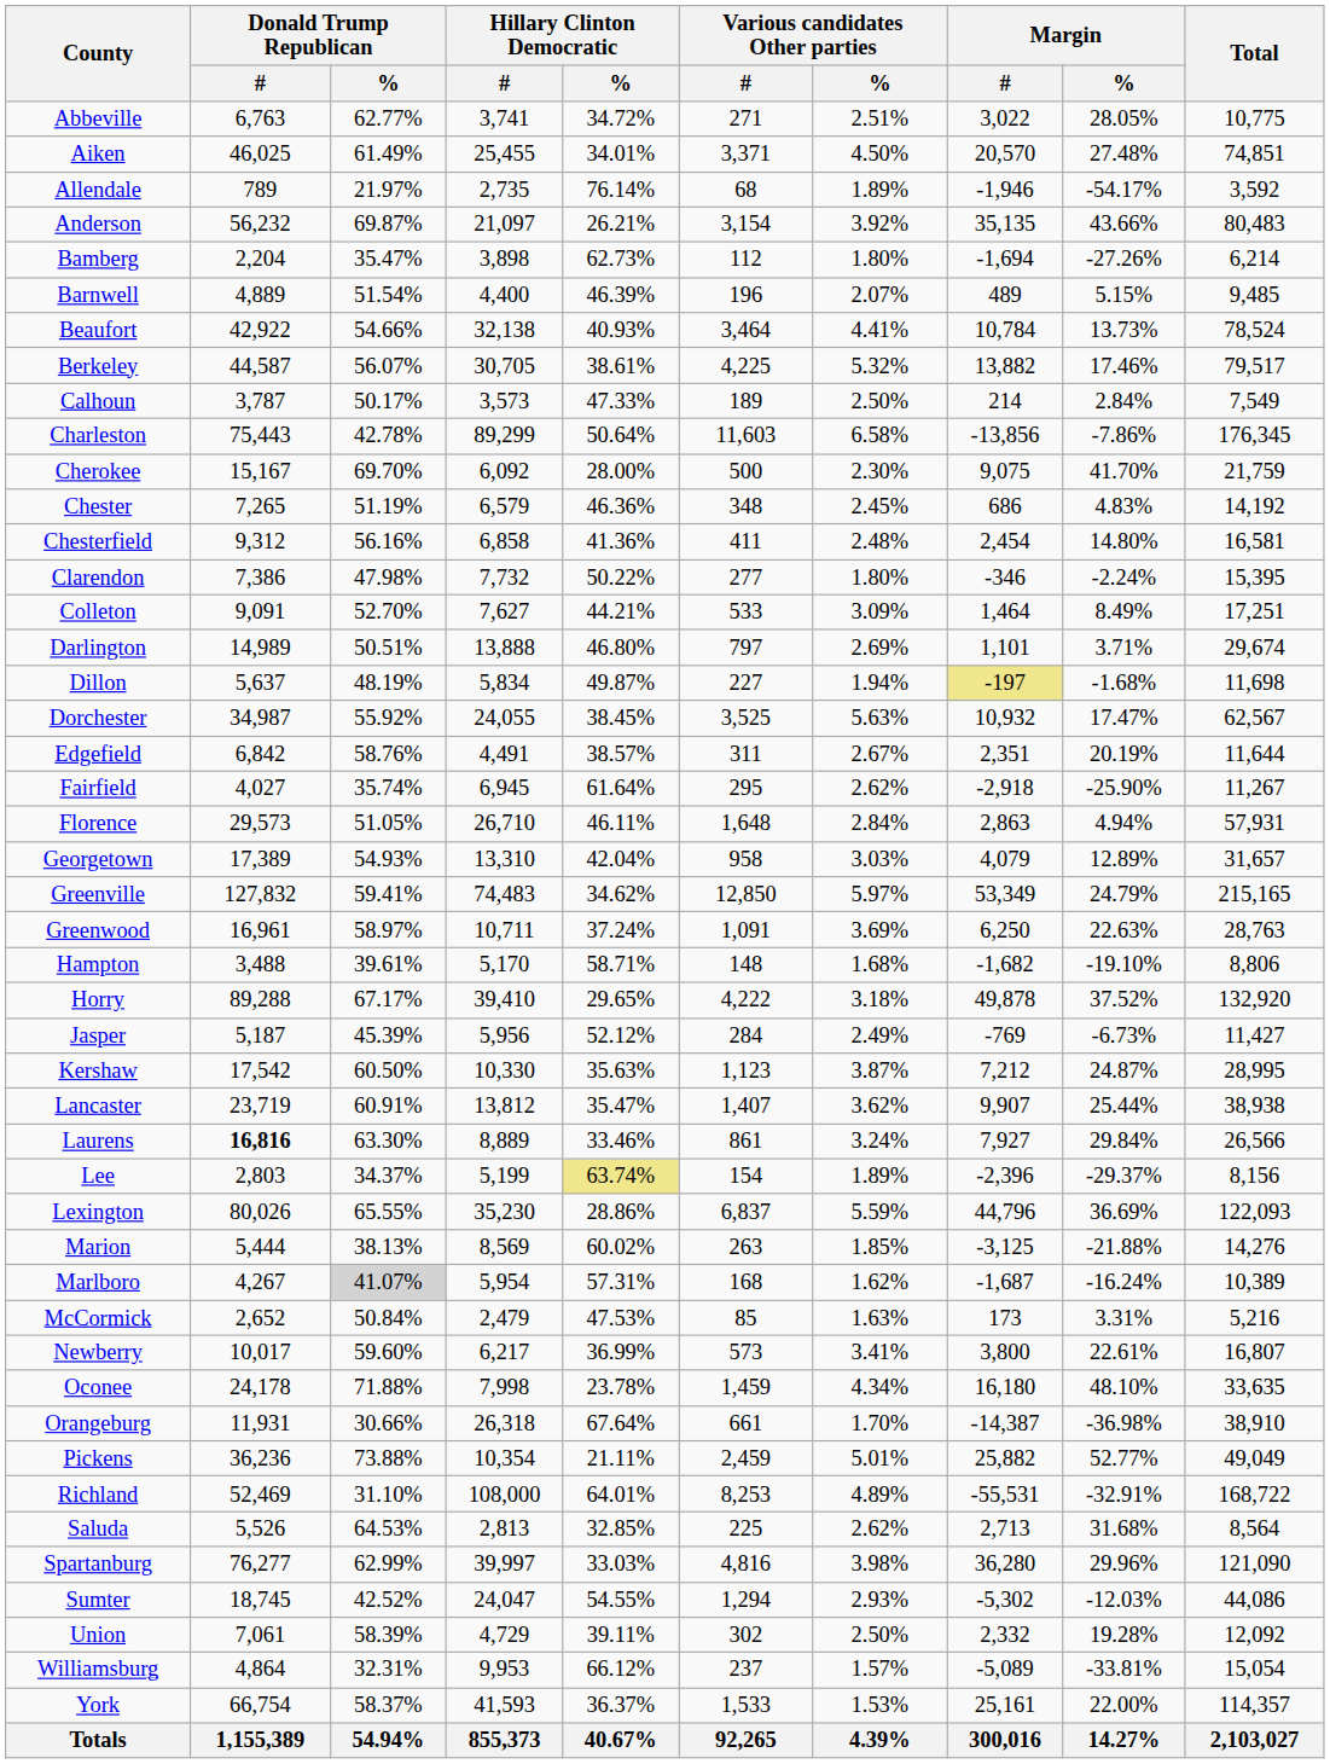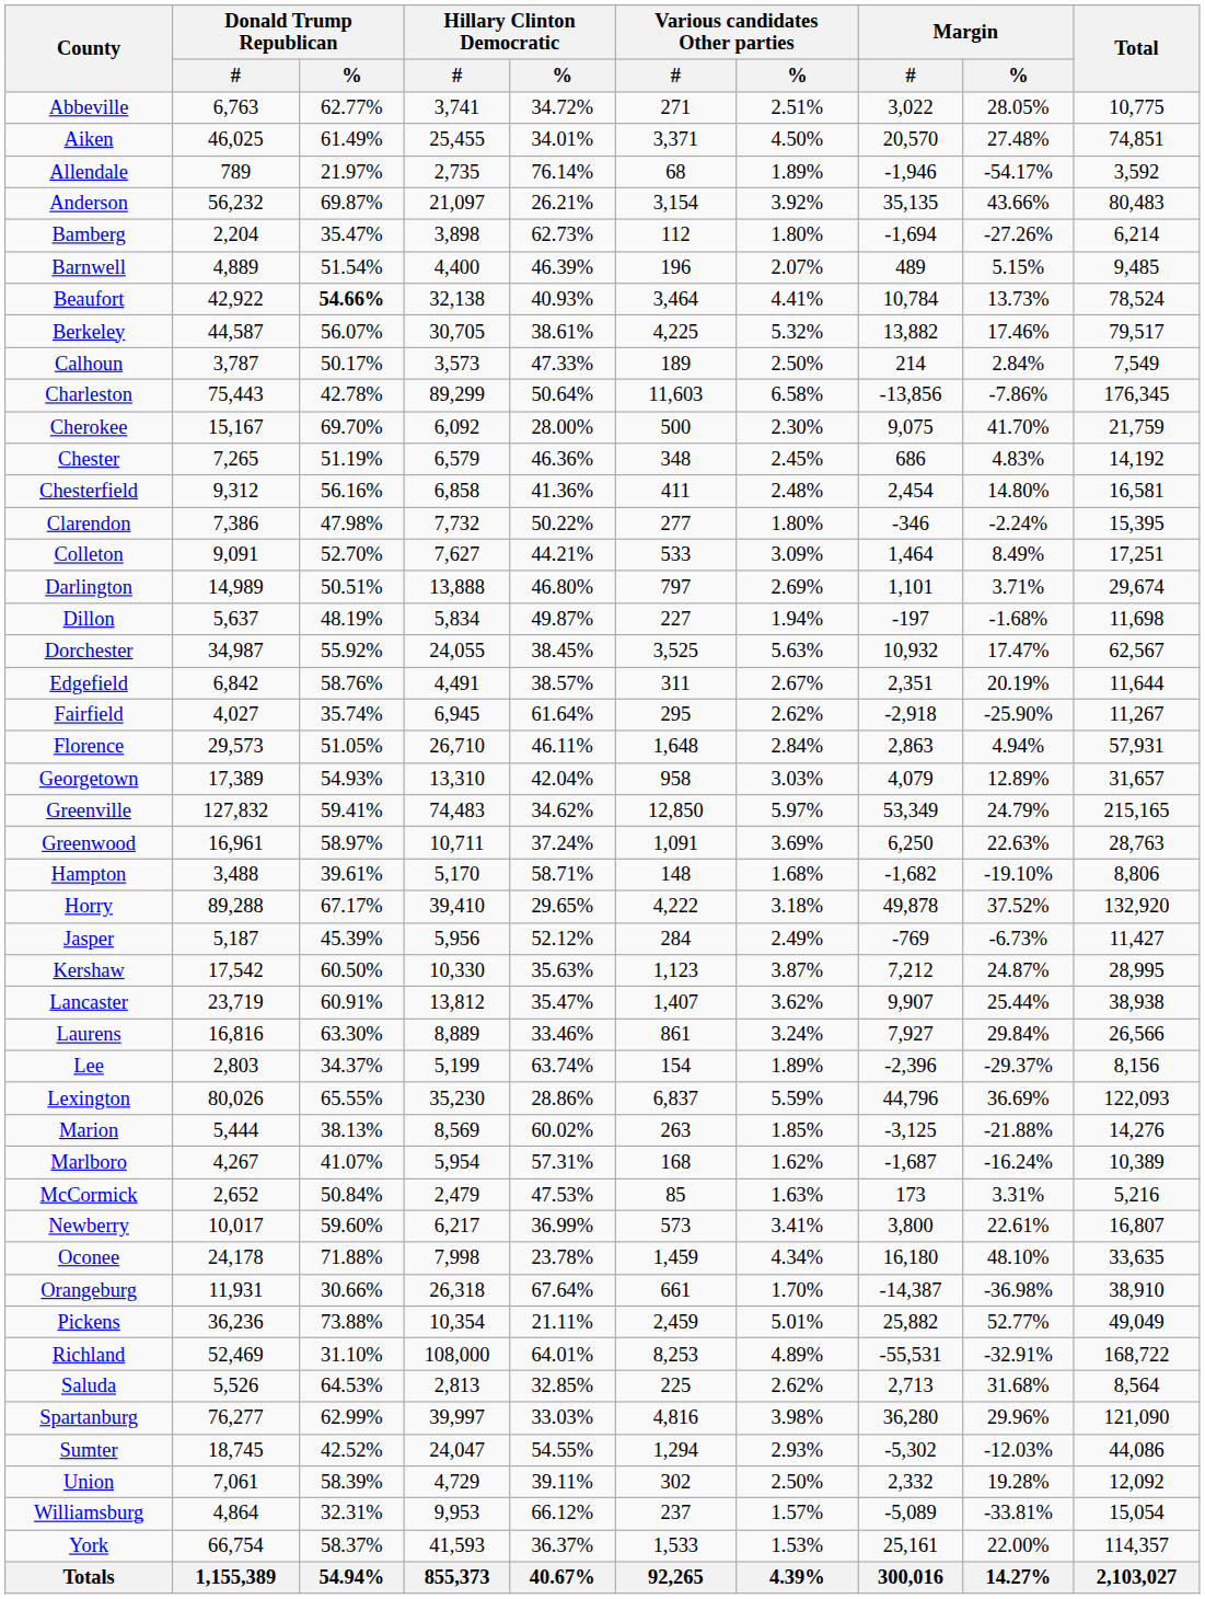 <table width="60%" class="wikitable sortable">
 <tr>
 <th rowspan="2">County</th>
 <th colspan="2">Donald Trump<br>Republican</th>
 <th colspan="2">Hillary Clinton<br>Democratic</th>
 <th colspan="2">Various candidates<br>Other parties</th>
 <th colspan="2">Margin</th>
 <th rowspan="2">Total</th>
 </tr>
 <tr>
 <th style="text-align:center;" data-sort-type="number">#</th>
 <th style="text-align:center;" data-sort-type="number">%</th>
 <th style="text-align:center;" data-sort-type="number">#</th>
 <th style="text-align:center;" data-sort-type="number">%</th>
 <th style="text-align:center;" data-sort-type="number">#</th>
 <th style="text-align:center;" data-sort-type="number">%</th>
 <th style="text-align:center;" data-sort-type="number">#</th>
 <th style="text-align:center;" data-sort-type="number">%</th>
 </tr>
 <tr style="text-align:center;">
 <td><a href='#'>Abbeville</a></td>
 <td>6,763</td>
 <td>62.77%</td>
 <td>3,741</td>
 <td>34.72%</td>
 <td>271</td>
 <td>2.51%</td>
 <td>3,022</td>
 <td>28.05%</td>
 <td>10,775</td>
 </tr>
 <tr style="text-align:center;">
 <td><a href='#'>Aiken</a></td>
 <td>46,025</td>
 <td>61.49%</td>
 <td>25,455</td>
 <td>34.01%</td>
 <td>3,371</td>
 <td>4.50%</td>
 <td>20,570</td>
 <td>27.48%</td>
 <td>74,851</td>
 </tr>
 <tr style="text-align:center;">
 <td><a href='#'>Allendale</a></td>
 <td>789</td>
 <td>21.97%</td>
 <td>2,735</td>
 <td>76.14%</td>
 <td>68</td>
 <td>1.89%</td>
 <td>-1,946</td>
 <td>-54.17%</td>
 <td>3,592</td>
 </tr>
 <tr style="text-align:center;">
 <td><a href='#'>Anderson</a></td>
 <td>56,232</td>
 <td>69.87%</td>
 <td>21,097</td>
 <td>26.21%</td>
 <td>3,154</td>
 <td>3.92%</td>
 <td>35,135</td>
 <td>43.66%</td>
 <td>80,483</td>
 </tr>
 <tr style="text-align:center;">
 <td><a href='#'>Bamberg</a></td>
 <td>2,204</td>
 <td>35.47%</td>
 <td>3,898</td>
 <td>62.73%</td>
 <td>112</td>
 <td>1.80%</td>
 <td>-1,694</td>
 <td>-27.26%</td>
 <td>6,214</td>
 </tr>
 <tr style="text-align:center;">
 <td><a href='#'>Barnwell</a></td>
 <td>4,889</td>
 <td>51.54%</td>
 <td>4,400</td>
 <td>46.39%</td>
 <td>196</td>
 <td>2.07%</td>
 <td>489</td>
 <td>5.15%</td>
 <td>9,485</td>
 </tr>
 <tr style="text-align:center;">
 <td><a href='#'>Beaufort</a></td>
 <td>42,922</td>
-<td>54.66%</td>
+<td><strong>54.66%</strong></td>
 <td>32,138</td>
 <td>40.93%</td>
 <td>3,464</td>
 <td>4.41%</td>
 <td>10,784</td>
 <td>13.73%</td>
 <td>78,524</td>
 </tr>
 <tr style="text-align:center;">
 <td><a href='#'>Berkeley</a></td>
 <td>44,587</td>
 <td>56.07%</td>
 <td>30,705</td>
 <td>38.61%</td>
 <td>4,225</td>
 <td>5.32%</td>
 <td>13,882</td>
 <td>17.46%</td>
 <td>79,517</td>
 </tr>
 <tr style="text-align:center;">
 <td><a href='#'>Calhoun</a></td>
 <td>3,787</td>
 <td>50.17%</td>
 <td>3,573</td>
 <td>47.33%</td>
 <td>189</td>
 <td>2.50%</td>
 <td>214</td>
 <td>2.84%</td>
 <td>7,549</td>
 </tr>
 <tr style="text-align:center;">
 <td><a href='#'>Charleston</a></td>
 <td>75,443</td>
 <td>42.78%</td>
 <td>89,299</td>
 <td>50.64%</td>
 <td>11,603</td>
 <td>6.58%</td>
 <td>-13,856</td>
 <td>-7.86%</td>
 <td>176,345</td>
 </tr>
 <tr style="text-align:center;">
 <td><a href='#'>Cherokee</a></td>
 <td>15,167</td>
 <td>69.70%</td>
 <td>6,092</td>
 <td>28.00%</td>
 <td>500</td>
 <td>2.30%</td>
 <td>9,075</td>
 <td>41.70%</td>
 <td>21,759</td>
 </tr>
 <tr style="text-align:center;">
 <td><a href='#'>Chester</a></td>
 <td>7,265</td>
 <td>51.19%</td>
 <td>6,579</td>
 <td>46.36%</td>
 <td>348</td>
 <td>2.45%</td>
 <td>686</td>
 <td>4.83%</td>
 <td>14,192</td>
 </tr>
 <tr style="text-align:center;">
 <td><a href='#'>Chesterfield</a></td>
 <td>9,312</td>
 <td>56.16%</td>
 <td>6,858</td>
 <td>41.36%</td>
 <td>411</td>
 <td>2.48%</td>
 <td>2,454</td>
 <td>14.80%</td>
 <td>16,581</td>
 </tr>
 <tr style="text-align:center;">
 <td><a href='#'>Clarendon</a></td>
 <td>7,386</td>
 <td>47.98%</td>
 <td>7,732</td>
 <td>50.22%</td>
 <td>277</td>
 <td>1.80%</td>
 <td>-346</td>
 <td>-2.24%</td>
 <td>15,395</td>
 </tr>
 <tr style="text-align:center;">
 <td><a href='#'>Colleton</a></td>
 <td>9,091</td>
 <td>52.70%</td>
 <td>7,627</td>
 <td>44.21%</td>
 <td>533</td>
 <td>3.09%</td>
 <td>1,464</td>
 <td>8.49%</td>
 <td>17,251</td>
 </tr>
 <tr style="text-align:center;">
 <td><a href='#'>Darlington</a></td>
 <td>14,989</td>
 <td>50.51%</td>
 <td>13,888</td>
 <td>46.80%</td>
 <td>797</td>
 <td>2.69%</td>
 <td>1,101</td>
 <td>3.71%</td>
 <td>29,674</td>
 </tr>
 <tr style="text-align:center;">
 <td><a href='#'>Dillon</a></td>
 <td>5,637</td>
 <td>48.19%</td>
 <td>5,834</td>
 <td>49.87%</td>
 <td>227</td>
 <td>1.94%</td>
-<td style="background: khaki;">-197</td>
+<td>-197</td>
 <td>-1.68%</td>
 <td>11,698</td>
 </tr>
 <tr style="text-align:center;">
 <td><a href='#'>Dorchester</a></td>
 <td>34,987</td>
 <td>55.92%</td>
 <td>24,055</td>
 <td>38.45%</td>
 <td>3,525</td>
 <td>5.63%</td>
 <td>10,932</td>
 <td>17.47%</td>
 <td>62,567</td>
 </tr>
 <tr style="text-align:center;">
 <td><a href='#'>Edgefield</a></td>
 <td>6,842</td>
 <td>58.76%</td>
 <td>4,491</td>
 <td>38.57%</td>
 <td>311</td>
 <td>2.67%</td>
 <td>2,351</td>
 <td>20.19%</td>
 <td>11,644</td>
 </tr>
 <tr style="text-align:center;">
 <td><a href='#'>Fairfield</a></td>
 <td>4,027</td>
 <td>35.74%</td>
 <td>6,945</td>
 <td>61.64%</td>
 <td>295</td>
 <td>2.62%</td>
 <td>-2,918</td>
 <td>-25.90%</td>
 <td>11,267</td>
 </tr>
 <tr style="text-align:center;">
 <td><a href='#'>Florence</a></td>
 <td>29,573</td>
 <td>51.05%</td>
 <td>26,710</td>
 <td>46.11%</td>
 <td>1,648</td>
 <td>2.84%</td>
 <td>2,863</td>
 <td>4.94%</td>
 <td>57,931</td>
 </tr>
 <tr style="text-align:center;">
 <td><a href='#'>Georgetown</a></td>
 <td>17,389</td>
 <td>54.93%</td>
 <td>13,310</td>
 <td>42.04%</td>
 <td>958</td>
 <td>3.03%</td>
 <td>4,079</td>
 <td>12.89%</td>
 <td>31,657</td>
 </tr>
 <tr style="text-align:center;">
 <td><a href='#'>Greenville</a></td>
 <td>127,832</td>
 <td>59.41%</td>
 <td>74,483</td>
 <td>34.62%</td>
 <td>12,850</td>
 <td>5.97%</td>
 <td>53,349</td>
 <td>24.79%</td>
 <td>215,165</td>
 </tr>
 <tr style="text-align:center;">
 <td><a href='#'>Greenwood</a></td>
 <td>16,961</td>
 <td>58.97%</td>
 <td>10,711</td>
 <td>37.24%</td>
 <td>1,091</td>
 <td>3.69%</td>
 <td>6,250</td>
 <td>22.63%</td>
 <td>28,763</td>
 </tr>
 <tr style="text-align:center;">
 <td><a href='#'>Hampton</a></td>
 <td>3,488</td>
 <td>39.61%</td>
 <td>5,170</td>
 <td>58.71%</td>
 <td>148</td>
 <td>1.68%</td>
 <td>-1,682</td>
 <td>-19.10%</td>
 <td>8,806</td>
 </tr>
 <tr style="text-align:center;">
 <td><a href='#'>Horry</a></td>
 <td>89,288</td>
 <td>67.17%</td>
 <td>39,410</td>
 <td>29.65%</td>
 <td>4,222</td>
 <td>3.18%</td>
 <td>49,878</td>
 <td>37.52%</td>
 <td>132,920</td>
 </tr>
 <tr style="text-align:center;">
 <td><a href='#'>Jasper</a></td>
 <td>5,187</td>
 <td>45.39%</td>
 <td>5,956</td>
 <td>52.12%</td>
 <td>284</td>
 <td>2.49%</td>
 <td>-769</td>
 <td>-6.73%</td>
 <td>11,427</td>
 </tr>
 <tr style="text-align:center;">
 <td><a href='#'>Kershaw</a></td>
 <td>17,542</td>
 <td>60.50%</td>
 <td>10,330</td>
 <td>35.63%</td>
 <td>1,123</td>
 <td>3.87%</td>
 <td>7,212</td>
 <td>24.87%</td>
 <td>28,995</td>
 </tr>
 <tr style="text-align:center;">
 <td><a href='#'>Lancaster</a></td>
 <td>23,719</td>
 <td>60.91%</td>
 <td>13,812</td>
 <td>35.47%</td>
 <td>1,407</td>
 <td>3.62%</td>
 <td>9,907</td>
 <td>25.44%</td>
 <td>38,938</td>
 </tr>
 <tr style="text-align:center;">
 <td><a href='#'>Laurens</a></td>
-<td><strong>16,816</strong></td>
+<td>16,816</td>
 <td>63.30%</td>
 <td>8,889</td>
 <td>33.46%</td>
 <td>861</td>
 <td>3.24%</td>
 <td>7,927</td>
 <td>29.84%</td>
 <td>26,566</td>
 </tr>
 <tr style="text-align:center;">
 <td><a href='#'>Lee</a></td>
 <td>2,803</td>
 <td>34.37%</td>
 <td>5,199</td>
-<td style="background: khaki;">63.74%</td>
+<td>63.74%</td>
 <td>154</td>
 <td>1.89%</td>
 <td>-2,396</td>
 <td>-29.37%</td>
 <td>8,156</td>
 </tr>
 <tr style="text-align:center;">
 <td><a href='#'>Lexington</a></td>
 <td>80,026</td>
 <td>65.55%</td>
 <td>35,230</td>
 <td>28.86%</td>
 <td>6,837</td>
 <td>5.59%</td>
 <td>44,796</td>
 <td>36.69%</td>
 <td>122,093</td>
 </tr>
 <tr style="text-align:center;">
 <td><a href='#'>Marion</a></td>
 <td>5,444</td>
 <td>38.13%</td>
 <td>8,569</td>
 <td>60.02%</td>
 <td>263</td>
 <td>1.85%</td>
 <td>-3,125</td>
 <td>-21.88%</td>
 <td>14,276</td>
 </tr>
 <tr style="text-align:center;">
 <td><a href='#'>Marlboro</a></td>
 <td>4,267</td>
-<td style="background: lightgrey;">41.07%</td>
+<td>41.07%</td>
 <td>5,954</td>
 <td>57.31%</td>
 <td>168</td>
 <td>1.62%</td>
 <td>-1,687</td>
 <td>-16.24%</td>
 <td>10,389</td>
 </tr>
 <tr style="text-align:center;">
 <td><a href='#'>McCormick</a></td>
 <td>2,652</td>
 <td>50.84%</td>
 <td>2,479</td>
 <td>47.53%</td>
 <td>85</td>
 <td>1.63%</td>
 <td>173</td>
 <td>3.31%</td>
 <td>5,216</td>
 </tr>
 <tr style="text-align:center;">
 <td><a href='#'>Newberry</a></td>
 <td>10,017</td>
 <td>59.60%</td>
 <td>6,217</td>
 <td>36.99%</td>
 <td>573</td>
 <td>3.41%</td>
 <td>3,800</td>
 <td>22.61%</td>
 <td>16,807</td>
 </tr>
 <tr style="text-align:center;">
 <td><a href='#'>Oconee</a></td>
 <td>24,178</td>
 <td>71.88%</td>
 <td>7,998</td>
 <td>23.78%</td>
 <td>1,459</td>
 <td>4.34%</td>
 <td>16,180</td>
 <td>48.10%</td>
 <td>33,635</td>
 </tr>
 <tr style="text-align:center;">
 <td><a href='#'>Orangeburg</a></td>
 <td>11,931</td>
 <td>30.66%</td>
 <td>26,318</td>
 <td>67.64%</td>
 <td>661</td>
 <td>1.70%</td>
 <td>-14,387</td>
 <td>-36.98%</td>
 <td>38,910</td>
 </tr>
 <tr style="text-align:center;">
 <td><a href='#'>Pickens</a></td>
 <td>36,236</td>
 <td>73.88%</td>
 <td>10,354</td>
 <td>21.11%</td>
 <td>2,459</td>
 <td>5.01%</td>
 <td>25,882</td>
 <td>52.77%</td>
 <td>49,049</td>
 </tr>
 <tr style="text-align:center;">
 <td><a href='#'>Richland</a></td>
 <td>52,469</td>
 <td>31.10%</td>
 <td>108,000</td>
 <td>64.01%</td>
 <td>8,253</td>
 <td>4.89%</td>
 <td>-55,531</td>
 <td>-32.91%</td>
 <td>168,722</td>
 </tr>
 <tr style="text-align:center;">
 <td><a href='#'>Saluda</a></td>
 <td>5,526</td>
 <td>64.53%</td>
 <td>2,813</td>
 <td>32.85%</td>
 <td>225</td>
 <td>2.62%</td>
 <td>2,713</td>
 <td>31.68%</td>
 <td>8,564</td>
 </tr>
 <tr style="text-align:center;">
 <td><a href='#'>Spartanburg</a></td>
 <td>76,277</td>
 <td>62.99%</td>
 <td>39,997</td>
 <td>33.03%</td>
 <td>4,816</td>
 <td>3.98%</td>
 <td>36,280</td>
 <td>29.96%</td>
 <td>121,090</td>
 </tr>
 <tr style="text-align:center;">
 <td><a href='#'>Sumter</a></td>
 <td>18,745</td>
 <td>42.52%</td>
 <td>24,047</td>
 <td>54.55%</td>
 <td>1,294</td>
 <td>2.93%</td>
 <td>-5,302</td>
 <td>-12.03%</td>
 <td>44,086</td>
 </tr>
 <tr style="text-align:center;">
 <td><a href='#'>Union</a></td>
 <td>7,061</td>
 <td>58.39%</td>
 <td>4,729</td>
 <td>39.11%</td>
 <td>302</td>
 <td>2.50%</td>
 <td>2,332</td>
 <td>19.28%</td>
 <td>12,092</td>
 </tr>
 <tr style="text-align:center;">
 <td><a href='#'>Williamsburg</a></td>
 <td>4,864</td>
 <td>32.31%</td>
 <td>9,953</td>
 <td>66.12%</td>
 <td>237</td>
 <td>1.57%</td>
 <td>-5,089</td>
 <td>-33.81%</td>
 <td>15,054</td>
 </tr>
 <tr style="text-align:center;">
 <td><a href='#'>York</a></td>
 <td>66,754</td>
 <td>58.37%</td>
 <td>41,593</td>
 <td>36.37%</td>
 <td>1,533</td>
 <td>1.53%</td>
 <td>25,161</td>
 <td>22.00%</td>
 <td>114,357</td>
 </tr>
 <tr>
 <th>Totals</th>
 <th>1,155,389</th>
 <th>54.94%</th>
 <th>855,373</th>
 <th>40.67%</th>
 <th>92,265</th>
 <th>4.39%</th>
 <th>300,016</th>
 <th>14.27%</th>
 <th>2,103,027</th>
 </tr>
 </table>
